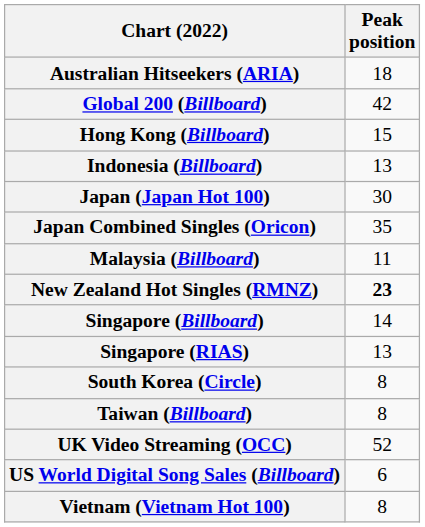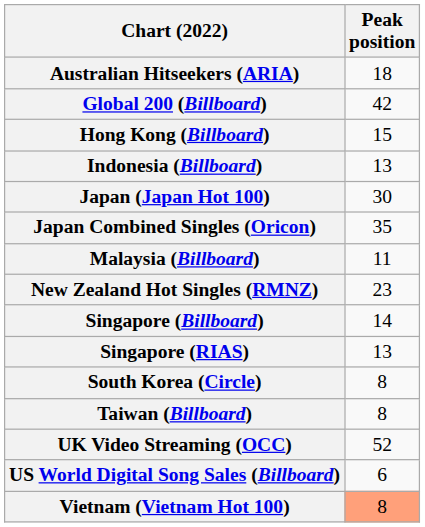 <table class="wikitable sortable plainrowheaders" style="text-align:center">
 <tr>
 <th scope="col">Chart (2022)</th>
 <th scope="col">Peak<br>position</th>
 </tr>
 <tr>
 <th scope="row">Australian Hitseekers (<a href='#'>ARIA</a>)</th>
 <td>18</td>
 </tr>
 <tr>
 <th scope="row"><a href='#'>Global 200</a> (<em><a href='#'>Billboard</a></em>)</th>
 <td>42</td>
 </tr>
 <tr>
 <th scope="row">Hong Kong (<em><a href='#'>Billboard</a></em>)</th>
 <td>15</td>
 </tr>
 <tr>
 <th scope="row">Indonesia (<em><a href='#'>Billboard</a></em>)</th>
 <td>13</td>
 </tr>
 <tr>
 <th scope="row">Japan (<a href='#'>Japan Hot 100</a>)</th>
 <td>30</td>
 </tr>
 <tr>
 <th scope="row">Japan Combined Singles (<a href='#'>Oricon</a>)</th>
 <td>35</td>
 </tr>
 <tr>
 <th scope="row">Malaysia (<em><a href='#'>Billboard</a></em>)</th>
 <td>11</td>
 </tr>
 <tr>
 <th scope="row">New Zealand Hot Singles (<a href='#'>RMNZ</a>)</th>
-<td><strong>23</strong></td>
+<td>23</td>
 </tr>
 <tr>
 <th scope="row">Singapore (<em><a href='#'>Billboard</a></em>)</th>
 <td>14</td>
 </tr>
 <tr>
 <th scope="row">Singapore (<a href='#'>RIAS</a>)</th>
 <td>13</td>
 </tr>
 <tr>
 <th scope="row">South Korea (<a href='#'>Circle</a>)</th>
 <td>8</td>
 </tr>
 <tr>
 <th scope="row">Taiwan (<em><a href='#'>Billboard</a></em>)</th>
 <td>8</td>
 </tr>
 <tr>
 <th scope="row">UK Video Streaming (<a href='#'>OCC</a>)</th>
 <td>52</td>
 </tr>
 <tr>
 <th scope="row">US <a href='#'>World Digital Song Sales</a> (<em><a href='#'>Billboard</a></em>)</th>
 <td>6</td>
 </tr>
 <tr>
 <th scope="row">Vietnam (<a href='#'>Vietnam Hot 100</a>)</th>
-<td>8</td>
+<td style="background: lightsalmon;">8</td>
 </tr>
 </table>
